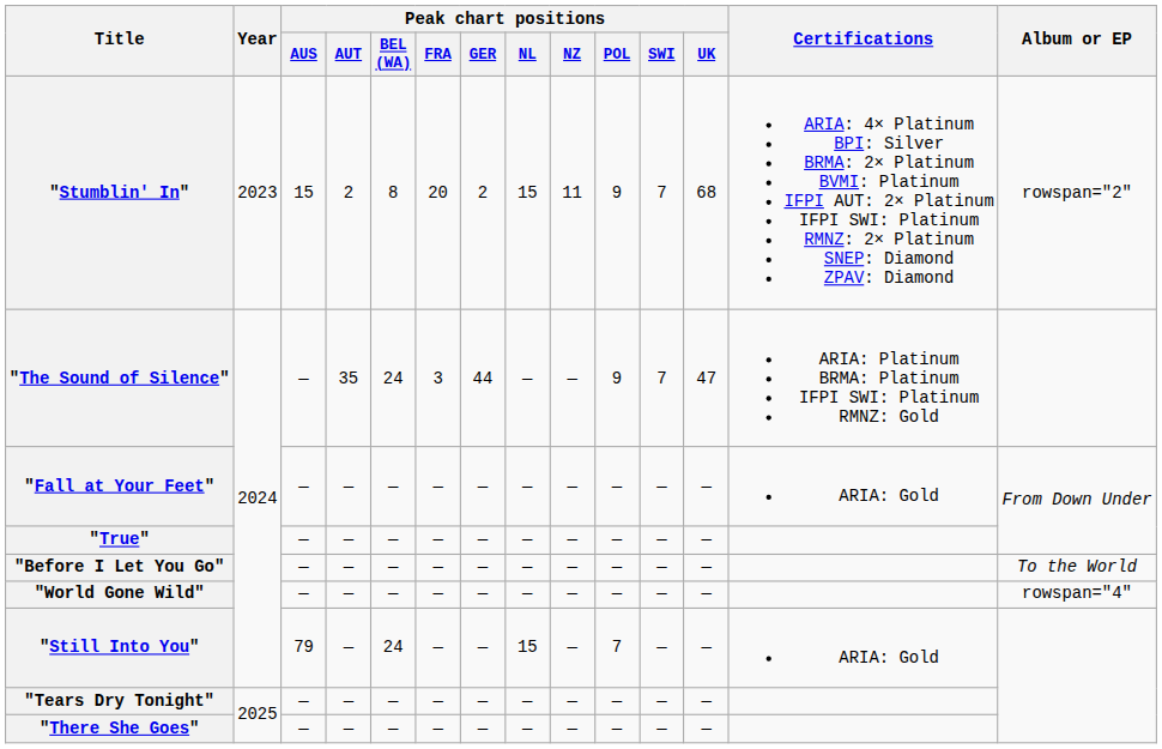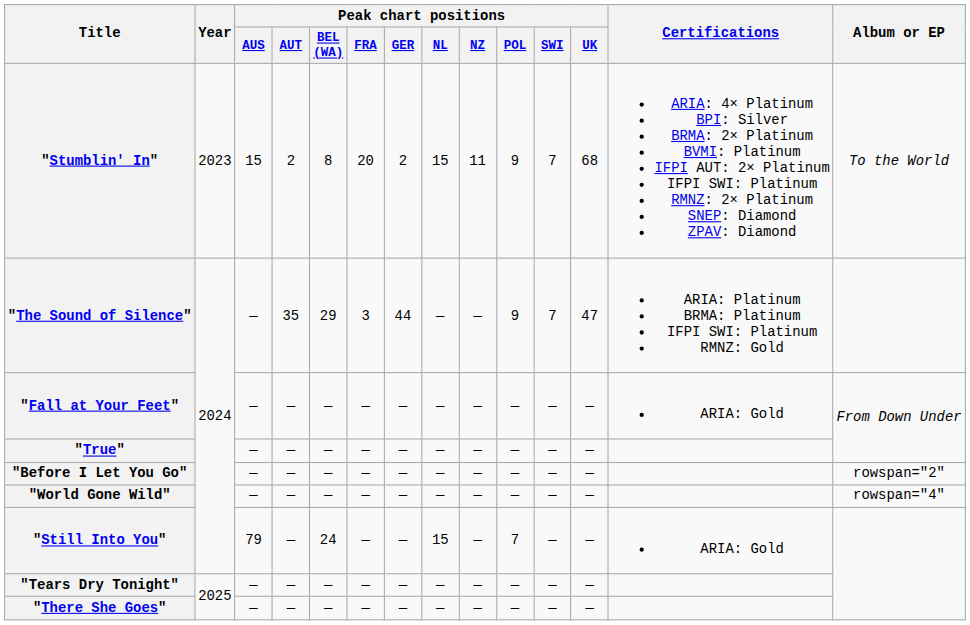 <table class="wikitable plainrowheaders" style="text-align:center;">
 <tr>
 <th scope="col" rowspan="2">Title</th>
 <th scope="col" rowspan="2">Year</th>
 <th scope="col" colspan="10">Peak chart positions</th>
 <th scope="col" rowspan="2"><a href='#'>Certifications</a></th>
 <th scope="col" rowspan="2">Album or EP</th>
 </tr>
 <tr>
 <th scope="col" style="width:2.5em;font-size:90%;"><a href='#'>AUS</a><br></th>
 <th scope="col" style="width:2.5em;font-size:90%;"><a href='#'>AUT</a><br></th>
 <th scope="col" style="width:2.5em;font-size:90%;"><a href='#'>BEL<br>(WA)</a><br></th>
 <th scope="col" style="width:2.5em;font-size:90%;"><a href='#'>FRA</a><br></th>
 <th scope="col" style="width:2.5em;font-size:90%;"><a href='#'>GER</a><br></th>
 <th scope="col" style="width:2.5em;font-size:90%;"><a href='#'>NL</a><br></th>
 <th scope="col" style="width:2.5em;font-size:90%;"><a href='#'>NZ</a><br></th>
 <th scope="col" style="width:2.5em;font-size:90%;"><a href='#'>POL</a><br></th>
 <th scope="col" style="width:2.5em;font-size:90%;"><a href='#'>SWI</a><br></th>
 <th scope="col" style="width:2.5em;font-size:90%;"><a href='#'>UK</a><br></th>
 </tr>
 <tr>
 <th scope="row">"<a href='#'>Stumblin' In</a>"</th>
 <td>2023</td>
 <td>15</td>
 <td>2</td>
 <td>8</td>
 <td>20</td>
 <td>2</td>
 <td>15</td>
 <td>11</td>
 <td>9</td>
 <td>7</td>
 <td>68</td>
 <td><br><ul><li><a href='#'>ARIA</a>: 4× Platinum</li><li><a href='#'>BPI</a>: Silver</li><li><a href='#'>BRMA</a>: 2× Platinum</li><li><a href='#'>BVMI</a>: Platinum</li><li><a href='#'>IFPI</a> AUT: 2× Platinum</li><li>IFPI SWI: Platinum</li><li><a href='#'>RMNZ</a>: 2× Platinum</li><li><a href='#'>SNEP</a>: Diamond</li><li><a href='#'>ZPAV</a>: Diamond</li></ul></td>
-<td>rowspan="2" </td>
+<td><em>To the World</em></td>
 </tr>
 <tr>
 <th scope="row">"<a href='#'>The Sound of Silence</a>"<br></th>
 <td rowspan="6">2024</td>
 <td>—</td>
 <td>35</td>
-<td>24</td>
+<td>29</td>
 <td>3</td>
 <td>44</td>
 <td>—</td>
 <td>—</td>
 <td>9</td>
 <td>7</td>
 <td>47</td>
 <td><br><ul><li>ARIA: Platinum</li><li>BRMA: Platinum</li><li>IFPI SWI: Platinum</li><li>RMNZ: Gold</li></ul></td>
 </tr>
 <tr>
 <th scope="row">"<a href='#'>Fall at Your Feet</a>"<br></th>
 <td>—</td>
 <td>—</td>
 <td>—</td>
 <td>—</td>
 <td>—</td>
 <td>—</td>
 <td>—</td>
 <td>—</td>
 <td>—</td>
 <td>—</td>
 <td><br><ul><li>ARIA: Gold</li></ul></td>
 <td rowspan="2"><em>From Down Under</em></td>
 </tr>
 <tr>
 <th scope="row">"<a href='#'>True</a>"<br></th>
 <td>—</td>
 <td>—</td>
 <td>—</td>
 <td>—</td>
 <td>—</td>
 <td>—</td>
 <td>—</td>
 <td>—</td>
 <td>—</td>
 <td>—</td>
 <td></td>
 </tr>
 <tr>
 <th scope="row">"Before I Let You Go"<br></th>
 <td>—</td>
 <td>—</td>
 <td>—</td>
 <td>—</td>
 <td>—</td>
 <td>—</td>
 <td>—</td>
 <td>—</td>
 <td>—</td>
 <td>—</td>
 <td></td>
-<td><em>To the World</em></td>
+<td>rowspan="2" </td>
 </tr>
 <tr>
 <th scope="row">"World Gone Wild"<br></th>
 <td>—</td>
 <td>—</td>
 <td>—</td>
 <td>—</td>
 <td>—</td>
 <td>—</td>
 <td>—</td>
 <td>—</td>
 <td>—</td>
 <td>—</td>
 <td></td>
 <td>rowspan="4" </td>
 </tr>
 <tr>
 <th scope="row">"<a href='#'>Still Into You</a>"<br></th>
 <td>79</td>
 <td>—</td>
 <td>24</td>
 <td>—</td>
 <td>—</td>
 <td>15</td>
 <td>—</td>
 <td>7</td>
 <td>—</td>
 <td>—</td>
 <td><br><ul><li>ARIA: Gold</li></ul></td>
 </tr>
 <tr>
 <th scope="row">"Tears Dry Tonight"<br></th>
 <td rowspan="2">2025</td>
 <td>—</td>
 <td>—</td>
 <td>—</td>
 <td>—</td>
 <td>—</td>
 <td>—</td>
 <td>—</td>
 <td>—</td>
 <td>—</td>
 <td>—</td>
 <td></td>
 </tr>
 <tr>
 <th scope="row">"<a href='#'>There She Goes</a>"<br></th>
 <td>—</td>
 <td>—</td>
 <td>—</td>
 <td>—</td>
 <td>—</td>
 <td>—</td>
 <td>—</td>
 <td>—</td>
 <td>—</td>
 <td>—</td>
 <td></td>
 </tr>
 </table>
